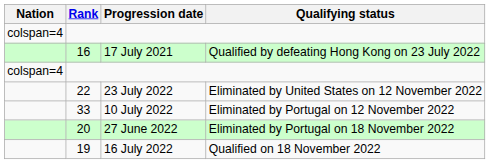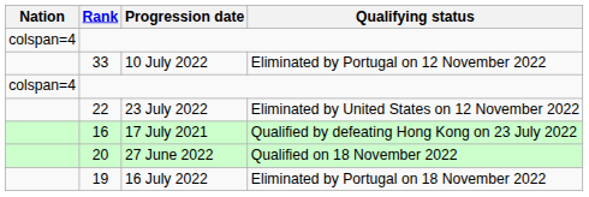 <table class="wikitable sortable">
 <tr>
 <th>Nation</th>
 <th data-sort-type="number"><a href='#'>Rank</a></th>
 <th data-sort-type="date">Progression date</th>
 <th>Qualifying status</th>
 </tr>
 <tr>
 <td>colspan=4 </td>
 </tr>
-<tr bgcolor="#ccffcc">
-<td><strong></strong></td>
-<td style="text-align:center;">16</td>
-<td>17 July 2021</td>
-<td>Qualified by defeating Hong Kong on 23 July 2022</td>
+<tr>
+<td></td>
+<td style="text-align:center;">33</td>
+<td>10 July 2022</td>
+<td>Eliminated by Portugal on 12 November 2022</td>
 </tr>
 <tr>
 <td>colspan=4 </td>
 </tr>
 <tr>
 <td></td>
 <td style="text-align:center;">22</td>
 <td>23 July 2022</td>
 <td>Eliminated by United States on 12 November 2022</td>
 </tr>
-<tr>
-<td></td>
-<td style="text-align:center;">33</td>
-<td>10 July 2022</td>
-<td>Eliminated by Portugal on 12 November 2022</td>
+<tr bgcolor="#ccffcc">
+<td><strong></strong></td>
+<td style="text-align:center;">16</td>
+<td>17 July 2021</td>
+<td>Qualified by defeating Hong Kong on 23 July 2022</td>
 </tr>
 <tr bgcolor="#ccffcc">
 <td><strong></strong></td>
 <td style="text-align:center;">20</td>
 <td>27 June 2022</td>
-<td>Eliminated by Portugal on 18 November 2022</td>
+<td>Qualified on 18 November 2022</td>
 </tr>
 <tr>
 <td></td>
 <td style="text-align:center;">19</td>
 <td>16 July 2022</td>
-<td>Qualified on 18 November 2022</td>
+<td>Eliminated by Portugal on 18 November 2022</td>
 </tr>
 </table>
